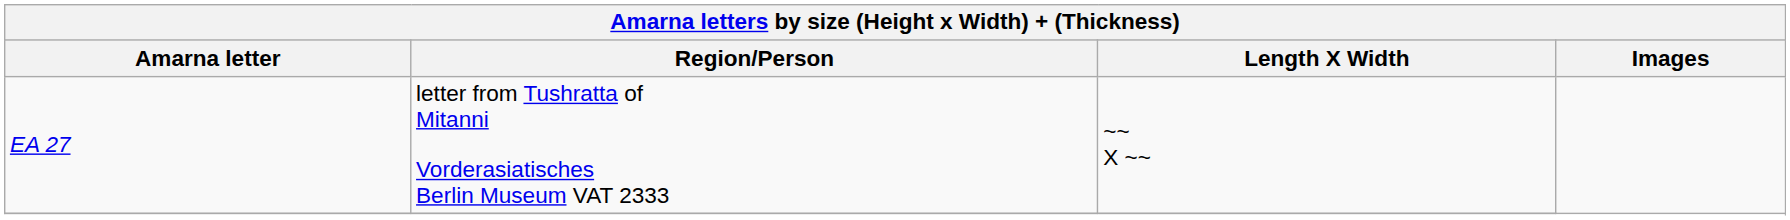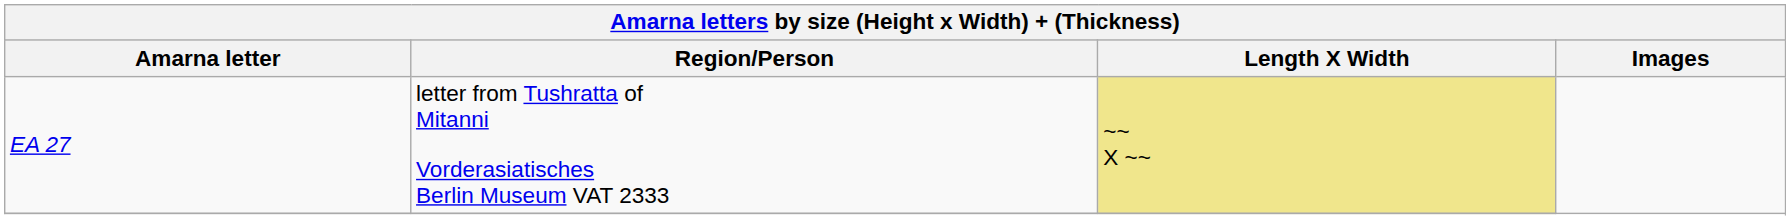 <table class="wikitable" align="center" width="100%">
 <tr>
 <th colspan="5" align="center"><strong><a href='#'>Amarna letters</a> by size (Height x Width) + (Thickness)</strong></th>
 </tr>
 <tr>
 <th>Amarna letter</th>
 <th>Region/Person</th>
 <th>Length X Width</th>
 <th>Images</th>
 </tr>
 <tr>
 <td><em><a href='#'>EA 27</a></em></td>
 <td>letter from <a href='#'>Tushratta</a> of <br><a href='#'>Mitanni</a><br><br><a href='#'>Vorderasiatisches</a><br><a href='#'>Berlin Museum</a> VAT 2333</td>
-<td>~~ <br>X ~~</td>
+<td style="background: khaki;">~~ <br>X ~~</td>
 <td rowspan="99"></td>
 </tr>
 <tr>
 </tr>
 </table>
